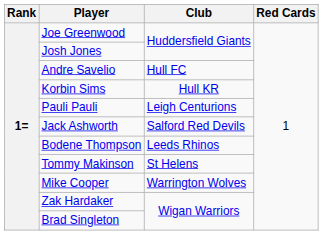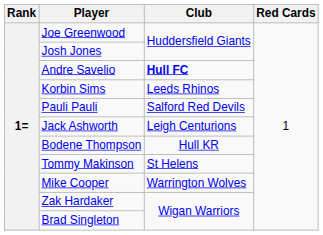 <table class="wikitable sortable" style="text-align:center">
 <tr>
 <th>Rank</th>
 <th>Player</th>
 <th>Club</th>
 <th> Red Cards</th>
 </tr>
 <tr>
 <th Rowspan=11>1=</th>
 <td align="left"> <a href='#'>Joe Greenwood</a></td>
 <td Rowspan=2> <a href='#'>Huddersfield Giants</a></td>
 <td Rowspan=11>1</td>
 </tr>
 <tr>
 <td align="left"> <a href='#'>Josh Jones</a></td>
 </tr>
 <tr>
 <td align="left"> <a href='#'>Andre Savelio</a></td>
-<td align="left"> <a href='#'>Hull FC</a></td>
+<td align="left"><strong> <a href='#'>Hull FC</a></strong></td>
 </tr>
 <tr>
 <td align="left"> <a href='#'>Korbin Sims</a></td>
-<td><a href='#'>Hull KR</a></td>
+<td align="left"> <a href='#'>Leeds Rhinos</a></td>
 </tr>
 <tr>
 <td align="left"> <a href='#'>Pauli Pauli</a></td>
+<td align="left"> <a href='#'>Salford Red Devils</a></td>
+</tr>
+<tr>
+<td align="left"> <a href='#'>Jack Ashworth</a></td>
 <td align="left"> <a href='#'>Leigh Centurions</a></td>
 </tr>
 <tr>
-<td align="left"> <a href='#'>Jack Ashworth</a></td>
-<td align="left"> <a href='#'>Salford Red Devils</a></td>
-</tr>
-<tr>
 <td align="left"> <a href='#'>Bodene Thompson</a></td>
-<td align="left"> <a href='#'>Leeds Rhinos</a></td>
+<td><a href='#'>Hull KR</a></td>
 </tr>
 <tr>
 <td align="left"> <a href='#'>Tommy Makinson</a></td>
 <td align="left"> <a href='#'>St Helens</a></td>
 </tr>
 <tr>
 <td align="left"> <a href='#'>Mike Cooper</a></td>
 <td align="left"> <a href='#'>Warrington Wolves</a></td>
 </tr>
 <tr>
 <td align="left"> <a href='#'>Zak Hardaker</a></td>
 <td Rowspan=2> <a href='#'>Wigan Warriors</a></td>
 </tr>
 <tr>
 <td align="left"> <a href='#'>Brad Singleton</a></td>
 </tr>
 </table>
